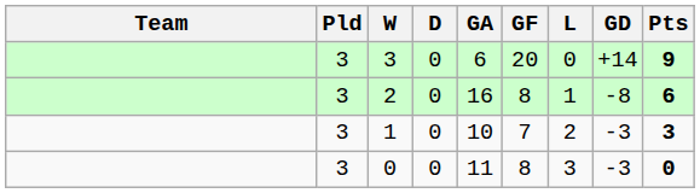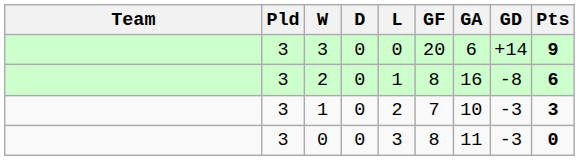 <table class="wikitable" style="text-align: center;">
 <tr>
 <th width="175">Team</th>
 <th width="20">Pld</th>
 <th width="20">W</th>
 <th width="20">D</th>
+<th width="20">L</th>
+<th width="20">GF</th>
 <th width="20">GA</th>
-<th width="20">GF</th>
-<th width="20">L</th>
 <th width="20">GD</th>
 <th width="20">Pts</th>
 </tr>
 <tr bgcolor="#ccffcc">
 <td style="text-align:left;"><em></em></td>
 <td>3</td>
 <td>3</td>
 <td>0</td>
+<td>0</td>
+<td>20</td>
 <td>6</td>
-<td>20</td>
-<td>0</td>
 <td>+14</td>
 <td><strong>9</strong></td>
 </tr>
 <tr bgcolor="#ccffcc">
 <td style="text-align:left;"></td>
 <td>3</td>
 <td>2</td>
 <td>0</td>
+<td>1</td>
+<td>8</td>
 <td>16</td>
-<td>8</td>
-<td>1</td>
 <td>-8</td>
 <td><strong>6</strong></td>
 </tr>
 <tr align=center>
 <td style="text-align:left;"></td>
 <td>3</td>
 <td>1</td>
 <td>0</td>
+<td>2</td>
+<td>7</td>
 <td>10</td>
-<td>7</td>
-<td>2</td>
 <td>-3</td>
 <td><strong>3</strong></td>
 </tr>
 <tr align=center>
 <td style="text-align:left;"></td>
 <td>3</td>
 <td>0</td>
 <td>0</td>
+<td>3</td>
+<td>8</td>
 <td>11</td>
-<td>8</td>
-<td>3</td>
 <td>-3</td>
 <td><strong>0</strong></td>
 </tr>
 </table>
